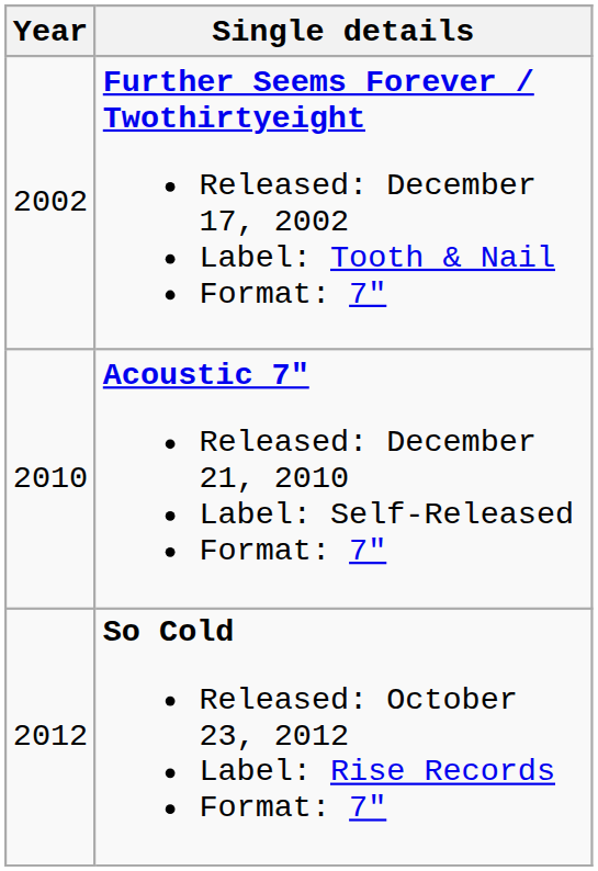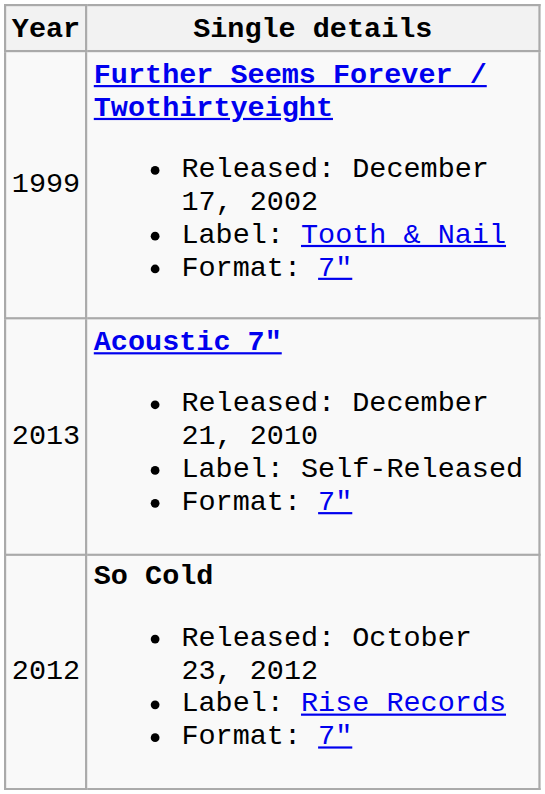 <table class ="wikitable">
 <tr>
 <th>Year</th>
 <th width="200">Single details</th>
 </tr>
 <tr>
-<td>2002</td>
+<td>1999</td>
 <td><strong><a href='#'>Further Seems Forever / Twothirtyeight</a></strong><br><ul><li>Released: December 17, 2002</li><li>Label: <a href='#'>Tooth & Nail</a></li><li>Format: <a href='#'>7"</a></li></ul></td>
 </tr>
 <tr>
-<td>2010</td>
+<td>2013</td>
 <td><strong><a href='#'>Acoustic 7"</a></strong><br><ul><li>Released: December 21, 2010</li><li>Label: Self-Released</li><li>Format: <a href='#'>7"</a></li></ul></td>
 </tr>
 <tr>
 <td>2012</td>
 <td><strong>So Cold</strong><br><ul><li>Released: October 23, 2012</li><li>Label: <a href='#'>Rise Records</a></li><li>Format: <a href='#'>7"</a></li></ul></td>
 </tr>
 </table>
